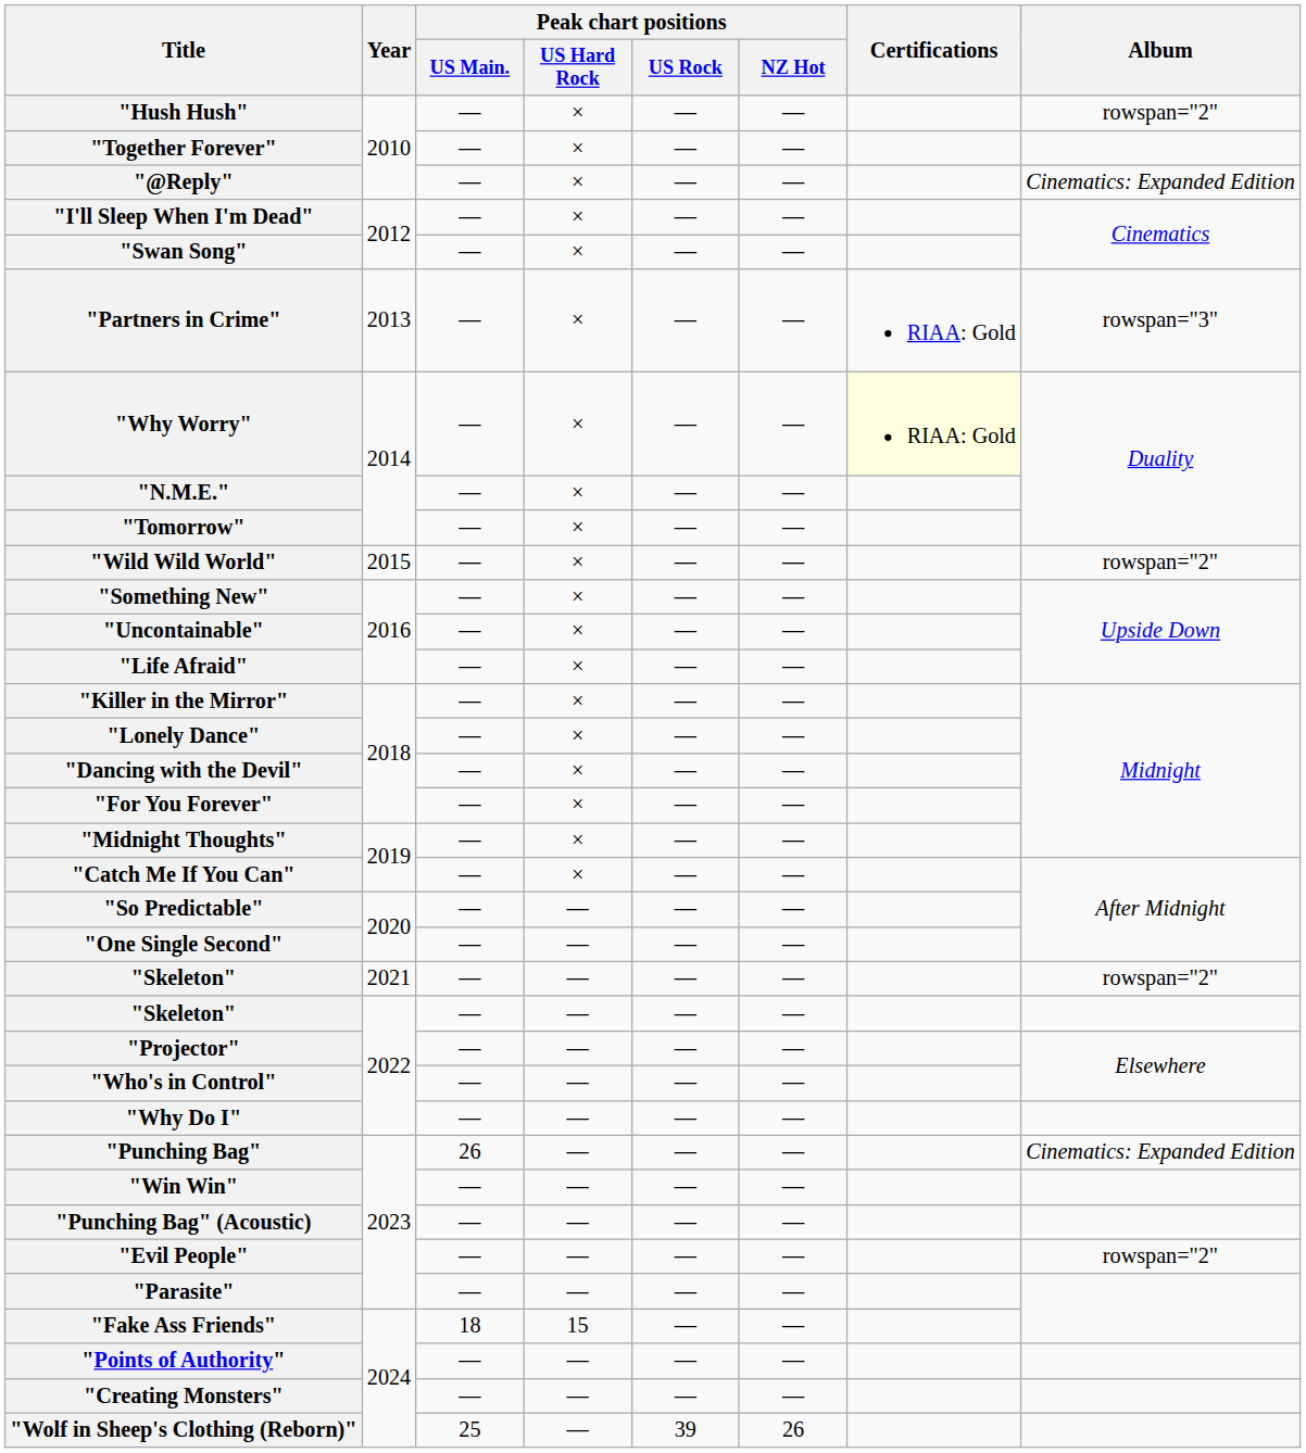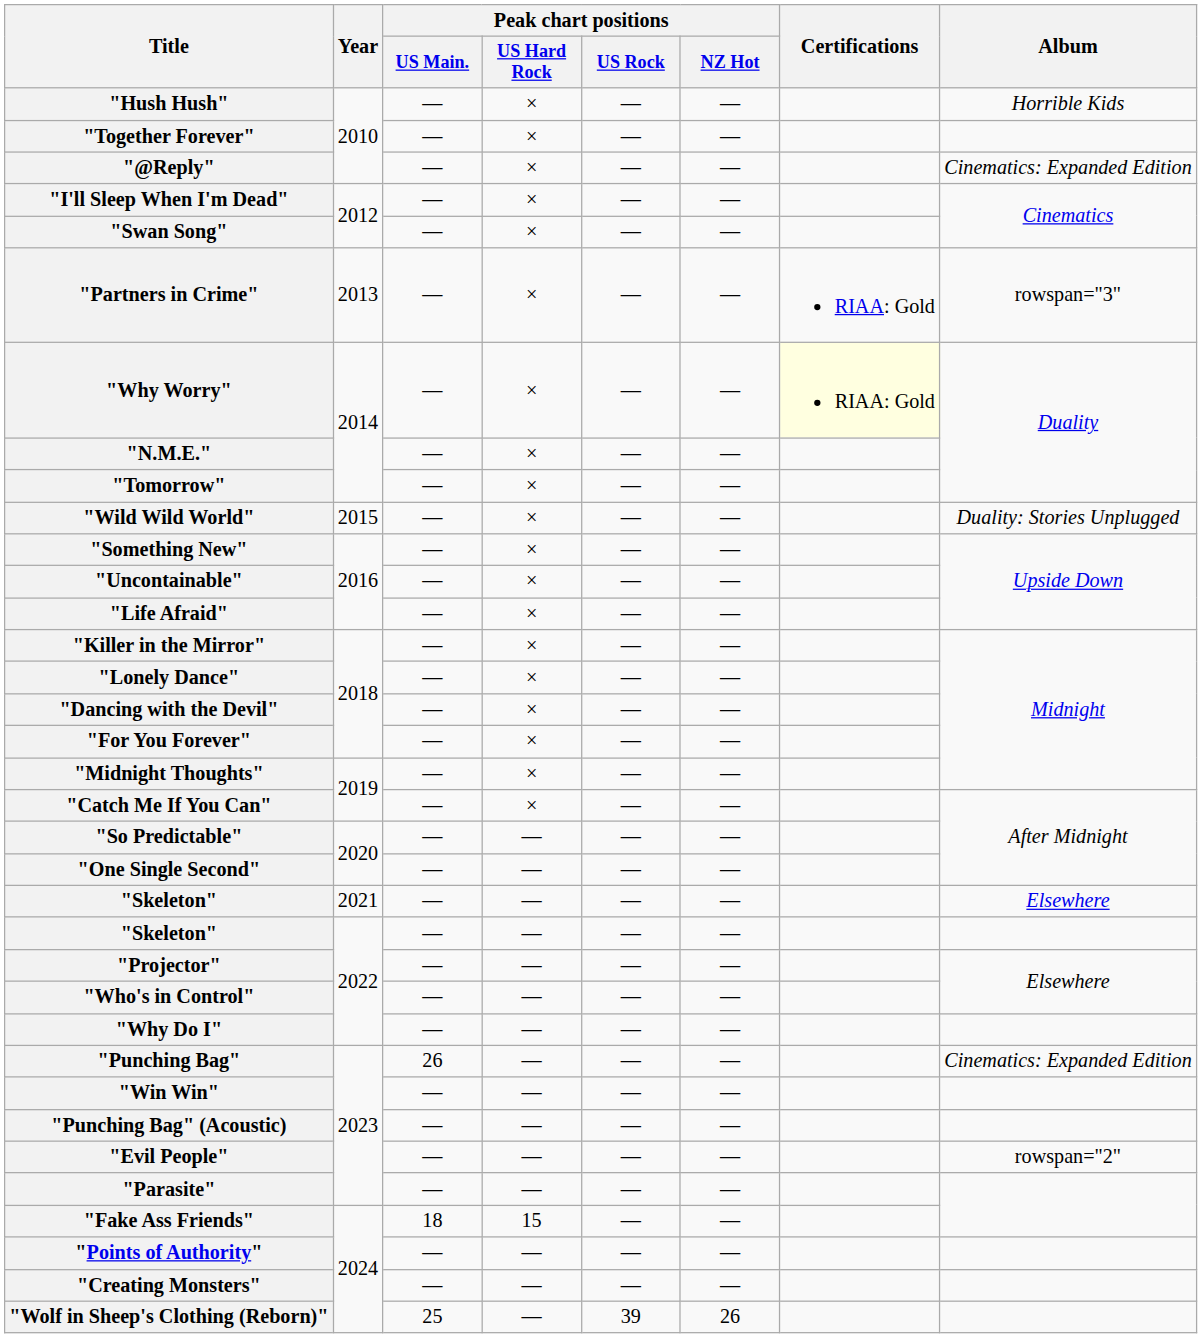 <table class="wikitable plainrowheaders" style="text-align:center;">
 <tr>
 <th scope="col" rowspan="2">Title</th>
 <th scope="col" rowspan="2">Year</th>
 <th scope="col" colspan="4">Peak chart positions</th>
 <th scope="col" rowspan="2">Certifications</th>
 <th scope="col" rowspan="2">Album</th>
 </tr>
 <tr>
 <th style="width:5em; font-size:90%;"><a href='#'>US Main.</a><br></th>
 <th style="width:5em; font-size:90%;"><a href='#'>US Hard Rock</a><br></th>
 <th style="width:5em; font-size:90%;"><a href='#'>US Rock</a><br></th>
 <th style="width:5em; font-size:90%;"><a href='#'>NZ Hot</a><br></th>
 </tr>
 <tr>
 <th scope="row">"Hush Hush"</th>
 <td rowspan="3">2010</td>
 <td>—</td>
 <td>×</td>
 <td>—</td>
 <td>—</td>
 <td></td>
-<td>rowspan="2" </td>
+<td><em>Horrible Kids</em></td>
 </tr>
 <tr>
 <th scope="row">"Together Forever"</th>
 <td>—</td>
 <td>×</td>
 <td>—</td>
 <td>—</td>
 <td></td>
 </tr>
 <tr>
 <th scope="row">"@Reply"</th>
 <td>—</td>
 <td>×</td>
 <td>—</td>
 <td>—</td>
 <td></td>
 <td><em>Cinematics: Expanded Edition</em></td>
 </tr>
 <tr>
 <th scope="row">"I'll Sleep When I'm Dead"</th>
 <td rowspan="2">2012</td>
 <td>—</td>
 <td>×</td>
 <td>—</td>
 <td>—</td>
 <td></td>
 <td rowspan="2"><em><a href='#'>Cinematics</a></em></td>
 </tr>
 <tr>
 <th scope="row">"Swan Song"</th>
 <td>—</td>
 <td>×</td>
 <td>—</td>
 <td>—</td>
 <td></td>
 </tr>
 <tr>
 <th scope="row">"Partners in Crime"<br></th>
 <td>2013</td>
 <td>—</td>
 <td>×</td>
 <td>—</td>
 <td>—</td>
 <td><br><ul><li><a href='#'>RIAA</a>: Gold</li></ul></td>
 <td>rowspan="3" </td>
 </tr>
 <tr>
 <th scope="row">"Why Worry"</th>
 <td rowspan="3">2014</td>
 <td>—</td>
 <td>×</td>
 <td>—</td>
 <td>—</td>
 <td style="background: lightyellow;"><br><ul><li>RIAA: Gold</li></ul></td>
 <td rowspan="3"><em><a href='#'>Duality</a></em></td>
 </tr>
 <tr>
 <th scope="row">"N.M.E."</th>
 <td>—</td>
 <td>×</td>
 <td>—</td>
 <td>—</td>
 <td></td>
 </tr>
 <tr>
 <th scope="row">"Tomorrow"</th>
 <td>—</td>
 <td>×</td>
 <td>—</td>
 <td>—</td>
 <td></td>
 </tr>
 <tr>
 <th scope="row">"Wild Wild World"</th>
 <td>2015</td>
 <td>—</td>
 <td>×</td>
 <td>—</td>
 <td>—</td>
 <td></td>
-<td>rowspan="2" </td>
+<td><em>Duality: Stories Unplugged</em></td>
 </tr>
 <tr>
 <th scope="row">"Something New"</th>
 <td rowspan="3">2016</td>
 <td>—</td>
 <td>×</td>
 <td>—</td>
 <td>—</td>
 <td></td>
 <td rowspan="3"><em><a href='#'>Upside Down</a></em></td>
 </tr>
 <tr>
 <th scope="row">"Uncontainable"</th>
 <td>—</td>
 <td>×</td>
 <td>—</td>
 <td>—</td>
 <td></td>
 </tr>
 <tr>
 <th scope="row">"Life Afraid"</th>
 <td>—</td>
 <td>×</td>
 <td>—</td>
 <td>—</td>
 <td></td>
 </tr>
 <tr>
 <th scope="row">"Killer in the Mirror"</th>
 <td rowspan="4">2018</td>
 <td>—</td>
 <td>×</td>
 <td>—</td>
 <td>—</td>
 <td></td>
 <td rowspan="5"><em><a href='#'>Midnight</a></em></td>
 </tr>
 <tr>
 <th scope="row">"Lonely Dance"</th>
 <td>—</td>
 <td>×</td>
 <td>—</td>
 <td>—</td>
 <td></td>
 </tr>
 <tr>
 <th scope="row">"Dancing with the Devil"</th>
 <td>—</td>
 <td>×</td>
 <td>—</td>
 <td>—</td>
 <td></td>
 </tr>
 <tr>
 <th scope="row">"For You Forever"</th>
 <td>—</td>
 <td>×</td>
 <td>—</td>
 <td>—</td>
 <td></td>
 </tr>
 <tr>
 <th scope="row">"Midnight Thoughts"</th>
 <td rowspan="2">2019</td>
 <td>—</td>
 <td>×</td>
 <td>—</td>
 <td>—</td>
 <td></td>
 </tr>
 <tr>
 <th scope="row">"Catch Me If You Can"</th>
 <td>—</td>
 <td>×</td>
 <td>—</td>
 <td>—</td>
 <td></td>
 <td rowspan="3"><em>After Midnight</em></td>
 </tr>
 <tr>
 <th scope="row">"So Predictable"</th>
 <td rowspan="2">2020</td>
 <td>—</td>
 <td>—</td>
 <td>—</td>
 <td>—</td>
 <td></td>
 </tr>
 <tr>
 <th scope="row">"One Single Second"</th>
 <td>—</td>
 <td>—</td>
 <td>—</td>
 <td>—</td>
 <td></td>
 </tr>
 <tr>
 <th scope="row">"Skeleton"</th>
 <td>2021</td>
 <td>—</td>
 <td>—</td>
 <td>—</td>
 <td>—</td>
 <td></td>
-<td>rowspan="2" </td>
+<td><em><a href='#'>Elsewhere</a></em></td>
 </tr>
 <tr>
 <th scope="row">"Skeleton"<br></th>
 <td rowspan="4">2022</td>
 <td>—</td>
 <td>—</td>
 <td>—</td>
 <td>—</td>
 <td></td>
 <td></td>
 </tr>
 <tr>
 <th scope="row">"Projector"</th>
 <td>—</td>
 <td>—</td>
 <td>—</td>
 <td>—</td>
 <td></td>
 <td rowspan="2"><em>Elsewhere</em></td>
 </tr>
 <tr>
 <th scope="row">"Who's in Control"</th>
 <td>—</td>
 <td>—</td>
 <td>—</td>
 <td>—</td>
 <td></td>
 </tr>
 <tr>
 <th scope="row">"Why Do I" <br></th>
 <td>—</td>
 <td>—</td>
 <td>—</td>
 <td>—</td>
 <td></td>
 <td></td>
 </tr>
 <tr>
 <th scope="row">"Punching Bag"</th>
 <td rowspan="5">2023</td>
 <td>26</td>
 <td>—</td>
 <td>—</td>
 <td>—</td>
 <td></td>
 <td><em>Cinematics: Expanded Edition</em></td>
 </tr>
 <tr>
 <th scope="row">"Win Win" <br></th>
 <td>—</td>
 <td>—</td>
 <td>—</td>
 <td>—</td>
 <td></td>
 </tr>
 <tr>
 <th scope="row">"Punching Bag" (Acoustic)</th>
 <td>—</td>
 <td>—</td>
 <td>—</td>
 <td>—</td>
 <td></td>
 <td></td>
 </tr>
 <tr>
 <th scope="row">"Evil People"</th>
 <td>—</td>
 <td>—</td>
 <td>—</td>
 <td>—</td>
 <td></td>
 <td>rowspan="2" </td>
 </tr>
 <tr>
 <th scope="row">"Parasite"</th>
 <td>—</td>
 <td>—</td>
 <td>—</td>
 <td>—</td>
 <td></td>
 </tr>
 <tr>
 <th scope="row">"Fake Ass Friends"</th>
 <td rowspan="4">2024</td>
 <td>18</td>
 <td>15</td>
 <td>—</td>
 <td>—</td>
 <td></td>
 </tr>
 <tr>
 <th scope="row">"<a href='#'>Points of Authority</a>" </th>
 <td>—</td>
 <td>—</td>
 <td>—</td>
 <td>—</td>
 <td></td>
 <td></td>
 </tr>
 <tr>
 <th scope="row">"Creating Monsters"</th>
 <td>—</td>
 <td>—</td>
 <td>—</td>
 <td>—</td>
 <td></td>
 <td></td>
 </tr>
 <tr>
 <th scope="row">"Wolf in Sheep's Clothing (Reborn)"</th>
 <td>25</td>
 <td>—</td>
 <td>39</td>
 <td>26</td>
 <td></td>
 <td></td>
 </tr>
 </table>
